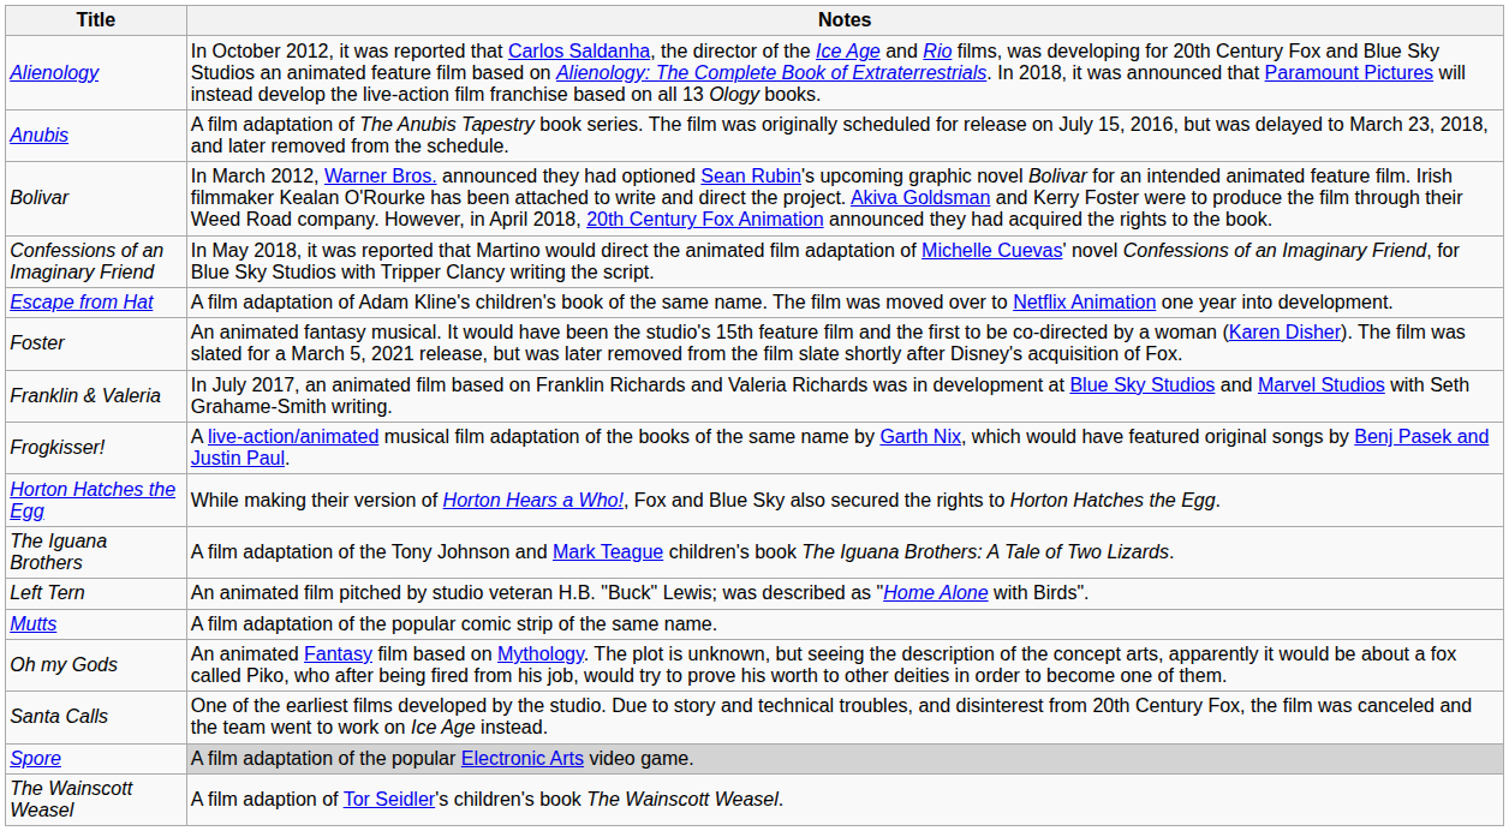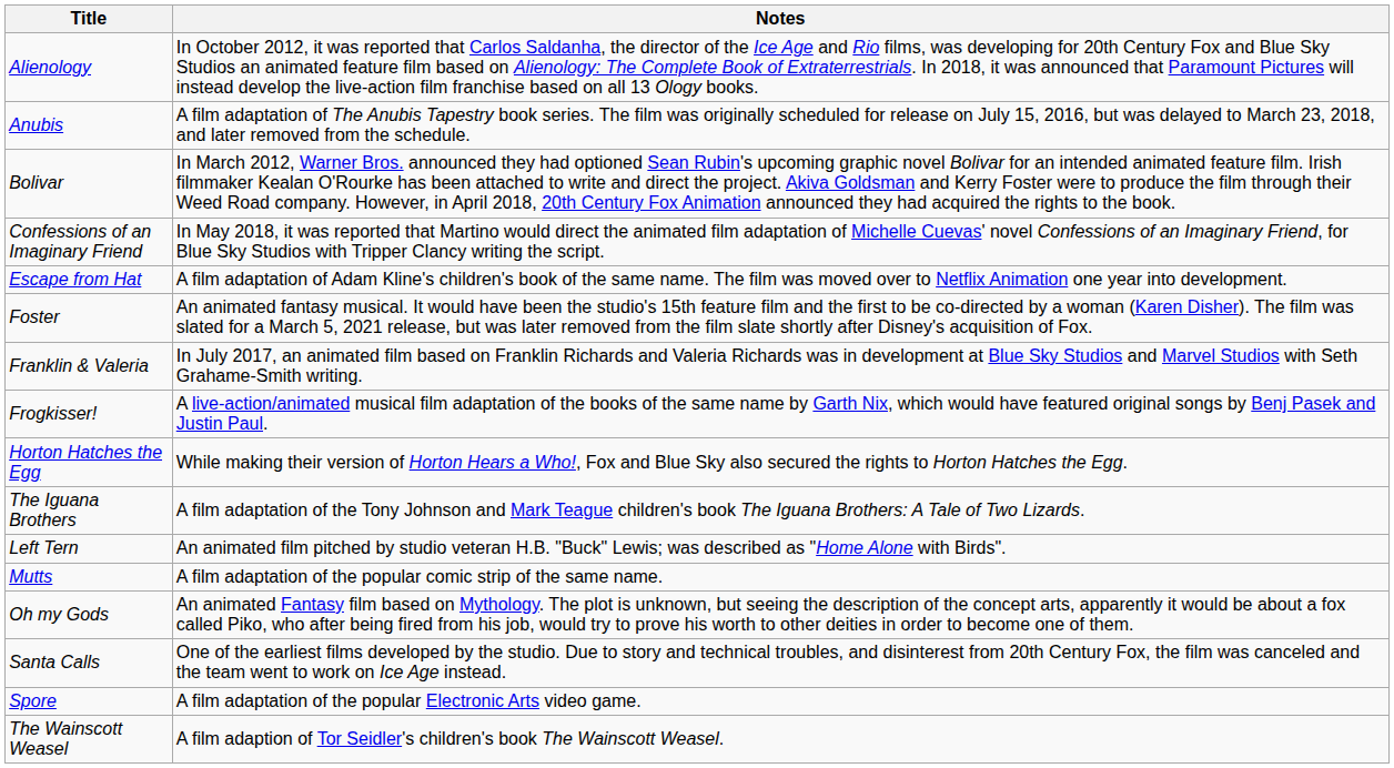 <table class="wikitable sortable">
 <tr>
 <th>Title</th>
 <th>Notes</th>
 </tr>
 <tr>
 <td><em><a href='#'>Alienology</a></em></td>
 <td>In October 2012, it was reported that <a href='#'>Carlos Saldanha</a>, the director of the <em><a href='#'>Ice Age</a></em> and <em><a href='#'>Rio</a></em> films, was developing for 20th Century Fox and Blue Sky Studios an animated feature film based on <em><a href='#'>Alienology: The Complete Book of Extraterrestrials</a></em>. In 2018, it was announced that <a href='#'>Paramount Pictures</a> will instead develop the live-action film franchise based on all 13 <em>Ology</em> books.</td>
 </tr>
 <tr>
 <td><a href='#'><em>Anubis</em></a></td>
 <td>A film adaptation of <em>The Anubis Tapestry</em> book series. The film was originally scheduled for release on July 15, 2016, but was delayed to March 23, 2018, and later removed from the schedule.</td>
 </tr>
 <tr>
 <td><em>Bolivar</em></td>
 <td>In March 2012, <a href='#'>Warner Bros.</a> announced they had optioned <a href='#'>Sean Rubin</a>'s upcoming graphic novel <em>Bolivar</em> for an intended animated feature film. Irish filmmaker Kealan O'Rourke has been attached to write and direct the project. <a href='#'>Akiva Goldsman</a> and Kerry Foster were to produce the film through their Weed Road company. However, in April 2018, <a href='#'>20th Century Fox Animation</a> announced they had acquired the rights to the book.</td>
 </tr>
 <tr>
 <td><em>Confessions of an Imaginary Friend</em></td>
 <td>In May 2018, it was reported that Martino would direct the animated film adaptation of <a href='#'>Michelle Cuevas</a>' novel <em>Confessions of an Imaginary Friend</em>, for Blue Sky Studios with Tripper Clancy writing the script.</td>
 </tr>
 <tr>
 <td><em><a href='#'>Escape from Hat</a></em></td>
 <td>A film adaptation of Adam Kline's children's book of the same name. The film was moved over to <a href='#'>Netflix Animation</a> one year into development.</td>
 </tr>
 <tr>
 <td><em>Foster</em></td>
 <td>An animated fantasy musical. It would have been the studio's 15th feature film and the first to be co-directed by a woman (<a href='#'>Karen Disher</a>). The film was slated for a March 5, 2021 release, but was later removed from the film slate shortly after Disney's acquisition of Fox.</td>
 </tr>
 <tr>
 <td><em>Franklin & Valeria</em></td>
 <td>In July 2017, an animated film based on Franklin Richards and Valeria Richards was in development at <a href='#'>Blue Sky Studios</a> and <a href='#'>Marvel Studios</a> with Seth Grahame-Smith writing. </td>
 </tr>
 <tr>
 <td><em>Frogkisser!</em></td>
 <td>A <a href='#'>live-action/animated</a> musical film adaptation of the books of the same name by <a href='#'>Garth Nix</a>, which would have featured original songs by <a href='#'>Benj Pasek and Justin Paul</a>.</td>
 </tr>
 <tr>
 <td><em><a href='#'>Horton Hatches the Egg</a></em></td>
 <td>While making their version of <em><a href='#'>Horton Hears a Who!</a></em>, Fox and Blue Sky also secured the rights to <em>Horton Hatches the Egg</em>.</td>
 </tr>
 <tr>
 <td><em>The Iguana Brothers</em></td>
 <td>A film adaptation of the Tony Johnson and <a href='#'>Mark Teague</a> children's book <em>The Iguana Brothers: A Tale of Two Lizards</em>.</td>
 </tr>
 <tr>
 <td><em>Left Tern</em></td>
 <td>An animated film pitched by studio veteran H.B. "Buck" Lewis; was described as "<em><a href='#'>Home Alone</a></em> with Birds".</td>
 </tr>
 <tr>
 <td><em><a href='#'>Mutts</a></em></td>
 <td>A film adaptation of the popular comic strip of the same name.</td>
 </tr>
 <tr>
 <td><em>Oh my Gods</em></td>
 <td>An animated <a href='#'>Fantasy</a> film based on <a href='#'>Mythology</a>.  The plot is unknown, but seeing the description of the concept arts, apparently it would be about a fox called Piko, who after being fired from his job, would try to prove his worth to other deities in order to become one of them.</td>
 </tr>
 <tr>
 <td><em>Santa Calls</em></td>
 <td>One of the earliest films developed by the studio. Due to story and technical troubles, and disinterest from 20th Century Fox, the film was canceled and the team went to work on <em>Ice Age</em> instead.</td>
 </tr>
 <tr>
 <td><a href='#'><em>Spore</em></a></td>
-<td style="background: lightgrey;">A film adaptation of the popular <a href='#'>Electronic Arts</a> video game.</td>
+<td>A film adaptation of the popular <a href='#'>Electronic Arts</a> video game.</td>
 </tr>
 <tr>
 <td><em>The Wainscott Weasel</em></td>
 <td>A film adaption of <a href='#'>Tor Seidler</a>'s children's book <em>The Wainscott Weasel</em>.</td>
 </tr>
 </table>
